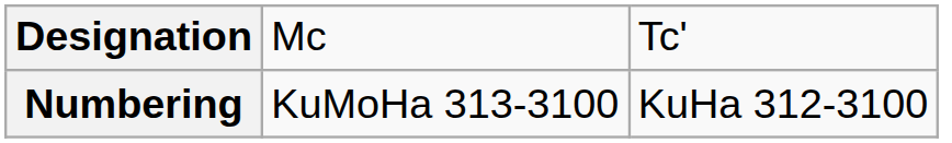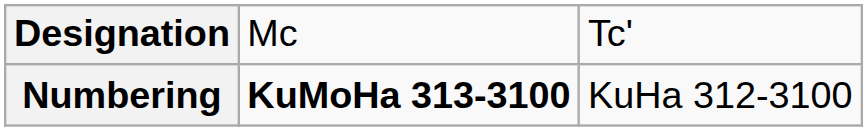 <table class="wikitable">
 <tr>
 <th>Designation</th>
 <td>Mc</td>
 <td>Tc'</td>
 </tr>
 <tr>
 <th>Numbering</th>
-<td>KuMoHa 313-3100</td>
+<td><strong>KuMoHa 313-3100</strong></td>
 <td>KuHa 312-3100</td>
 </tr>
 </table>
